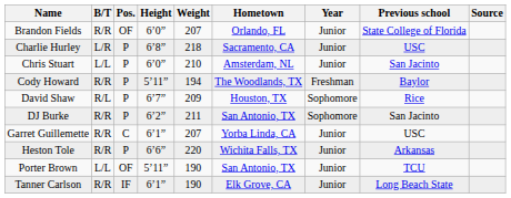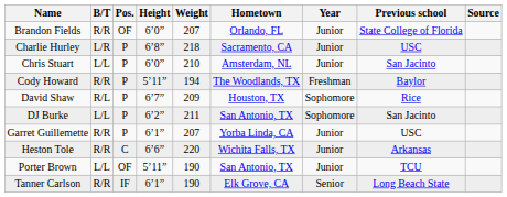 <table class="wikitable sortable">
 <tr>
 <th style="text-align:center; ">Name</th>
 <th style="text-align:center; ">B/T</th>
 <th style="text-align:center; ">Pos.</th>
 <th style="text-align:center; ">Height</th>
 <th style="text-align:center; ">Weight</th>
 <th style="text-align:center; ">Hometown</th>
 <th style="text-align:center; ">Year</th>
 <th style="text-align:center; ">Previous school</th>
 <th style="text-align:center; ">Source</th>
 </tr>
 <tr align="center">
 <td>Brandon Fields</td>
 <td>R/R</td>
 <td>OF</td>
 <td>6’0”</td>
 <td>207</td>
 <td><a href='#'>Orlando, FL</a></td>
 <td>Junior</td>
 <td><a href='#'>State College of Florida</a></td>
 <td></td>
 </tr>
 <tr align="center"style="background:#eeeeee;">
 <td>Charlie Hurley</td>
 <td>L/R</td>
 <td>P</td>
 <td>6’8”</td>
 <td>218</td>
 <td><a href='#'>Sacramento, CA</a></td>
 <td>Junior</td>
 <td><a href='#'>USC</a></td>
 <td></td>
 </tr>
 <tr align="center">
 <td>Chris Stuart</td>
 <td>L/L</td>
 <td>P</td>
 <td>6’0”</td>
 <td>210</td>
 <td><a href='#'>Amsterdam, NL</a></td>
 <td>Junior</td>
 <td><a href='#'>San Jacinto</a></td>
 <td></td>
 </tr>
 <tr align="center"style="background:#eeeeee;">
 <td>Cody Howard</td>
 <td>R/R</td>
 <td>P</td>
 <td>5’11”</td>
 <td>194</td>
 <td><a href='#'>The Woodlands, TX</a></td>
 <td>Freshman</td>
 <td><a href='#'>Baylor</a></td>
 <td></td>
 </tr>
 <tr align="center">
 <td>David Shaw</td>
 <td>R/L</td>
 <td>P</td>
 <td>6’7”</td>
 <td>209</td>
 <td><a href='#'>Houston, TX</a></td>
 <td>Sophomore</td>
 <td><a href='#'>Rice</a></td>
 <td></td>
 </tr>
 <tr align="center"style="background:#eeeeee;">
 <td>DJ Burke</td>
-<td>R/R</td>
+<td>L/L</td>
 <td>P</td>
 <td>6’2”</td>
 <td>211</td>
 <td><a href='#'>San Antonio, TX</a></td>
 <td>Sophomore</td>
 <td>San Jacinto</td>
 <td></td>
 </tr>
 <tr align="center">
 <td>Garret Guillemette</td>
 <td>R/R</td>
-<td>C</td>
+<td>P</td>
 <td>6’1”</td>
 <td>207</td>
 <td><a href='#'>Yorba Linda, CA</a></td>
 <td>Junior</td>
 <td>USC</td>
 <td></td>
 </tr>
 <tr align="center"style="background:#eeeeee;">
 <td>Heston Tole</td>
 <td>R/R</td>
-<td>P</td>
+<td>C</td>
 <td>6’6”</td>
 <td>220</td>
 <td><a href='#'>Wichita Falls, TX</a></td>
 <td>Junior</td>
 <td><a href='#'>Arkansas</a></td>
 <td></td>
 </tr>
 <tr align="center">
 <td>Porter Brown</td>
 <td>L/L</td>
 <td>OF</td>
 <td>5’11”</td>
 <td>190</td>
 <td><a href='#'>San Antonio, TX</a></td>
 <td>Junior</td>
 <td><a href='#'>TCU</a></td>
 <td></td>
 </tr>
 <tr align="center"style="background:#eeeeee;">
 <td>Tanner Carlson</td>
 <td>R/R</td>
 <td>IF</td>
 <td>6’1”</td>
 <td>190</td>
 <td><a href='#'>Elk Grove, CA</a></td>
-<td>Junior</td>
+<td>Senior</td>
 <td><a href='#'>Long Beach State</a></td>
 <td></td>
 </tr>
 </table>
